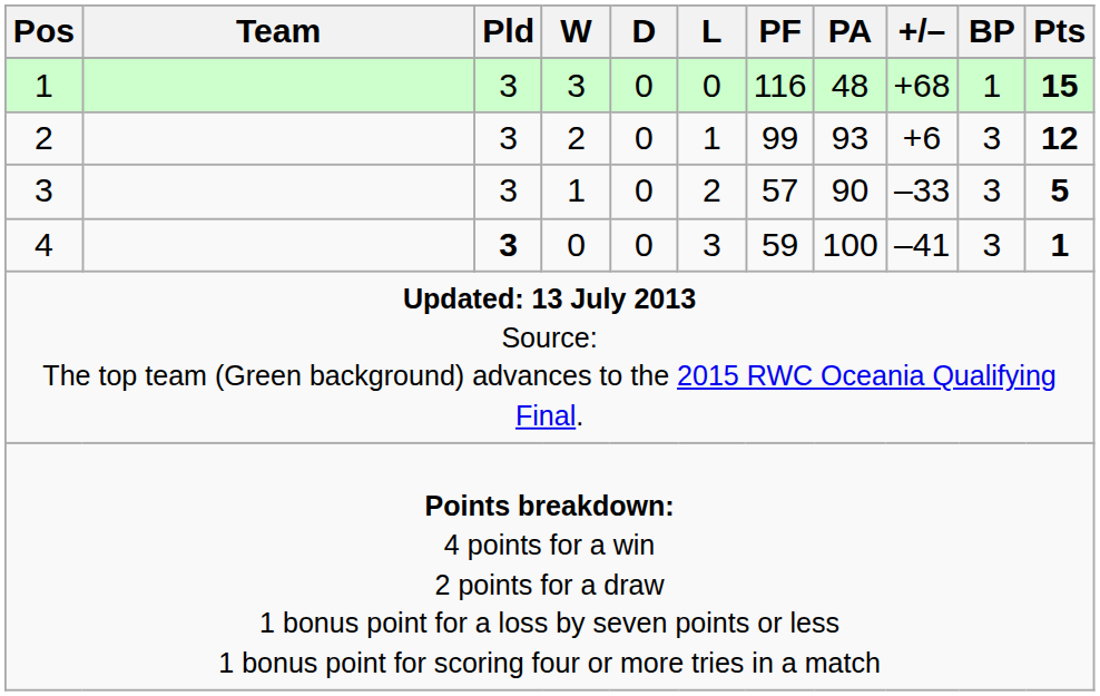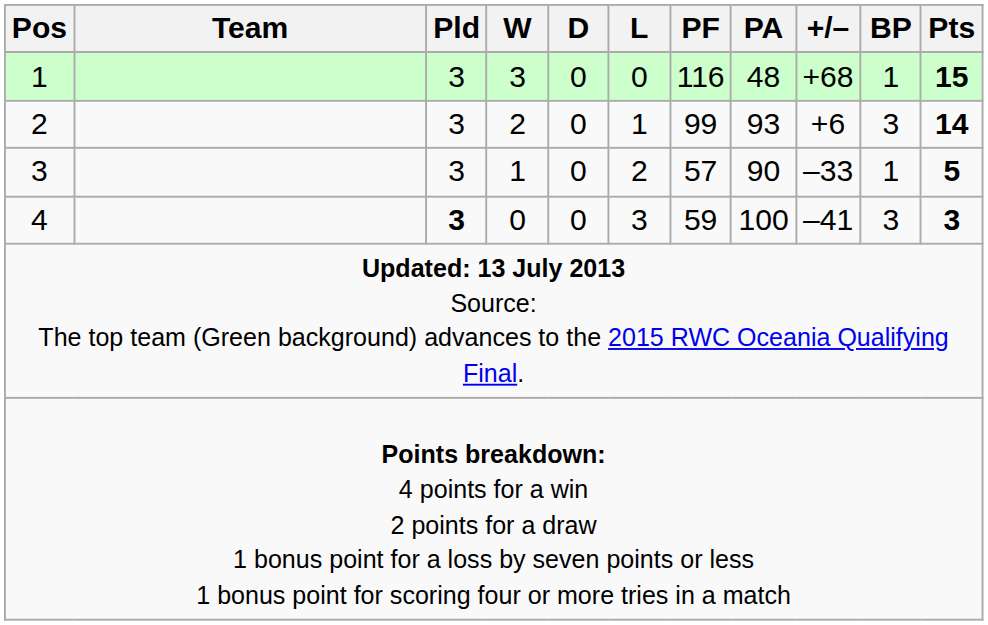 <table class="wikitable" style="text-align: center; font-size: 100%;">
 <tr>
 <th width=25>Pos</th>
 <th width=180>Team</th>
 <th width=25>Pld</th>
 <th width=25>W</th>
 <th width=25>D</th>
 <th width=25>L</th>
 <th width=25>PF</th>
 <th width=25>PA</th>
 <th width=25>+/–</th>
 <th width=25>BP</th>
 <th width=25>Pts</th>
 </tr>
 <tr>
 </tr>
 <tr bgcolor="#ccffcc">
 <td>1</td>
 <td align="left"></td>
 <td>3</td>
 <td>3</td>
 <td>0</td>
 <td>0</td>
 <td>116</td>
 <td>48</td>
 <td>+68</td>
 <td>1</td>
 <td><strong>15</strong></td>
 </tr>
 <tr>
 <td>2</td>
 <td align="left"></td>
 <td>3</td>
 <td>2</td>
 <td>0</td>
 <td>1</td>
 <td>99</td>
 <td>93</td>
 <td>+6</td>
 <td>3</td>
-<td><strong>12</strong></td>
+<td><strong>14</strong></td>
 </tr>
 <tr>
 <td>3</td>
 <td align="left"></td>
 <td>3</td>
 <td>1</td>
 <td>0</td>
 <td>2</td>
 <td>57</td>
 <td>90</td>
 <td>–33</td>
-<td>3</td>
+<td>1</td>
 <td><strong>5</strong></td>
 </tr>
 <tr>
 <td>4</td>
 <td align="left"></td>
 <td><strong>3</strong></td>
 <td>0</td>
 <td>0</td>
 <td>3</td>
 <td>59</td>
 <td>100</td>
 <td>–41</td>
 <td>3</td>
-<td><strong>1</strong></td>
+<td><strong>3</strong></td>
 </tr>
 <tr bgcolor="#f9f9f9" align=center>
 <td colspan="100%" style="text-align:center; line-height:110%;"><small><strong>Updated: 13 July 2013</strong><br>Source: </small><br> <small>The top team <span>(Green background)</span> advances to the <a href='#'>2015 RWC Oceania Qualifying Final</a>.<br></small></td>
 </tr>
 <tr>
 <td colspan="100%" style="text-align:center; line-height:110%;"><br><small><strong>Points breakdown:</strong><br>4 points for a win<br>2 points for a draw<br>1 bonus point for a loss by seven points or less<br>1 bonus point for scoring four or more tries in a match<br></small></td>
 </tr>
 </table>
